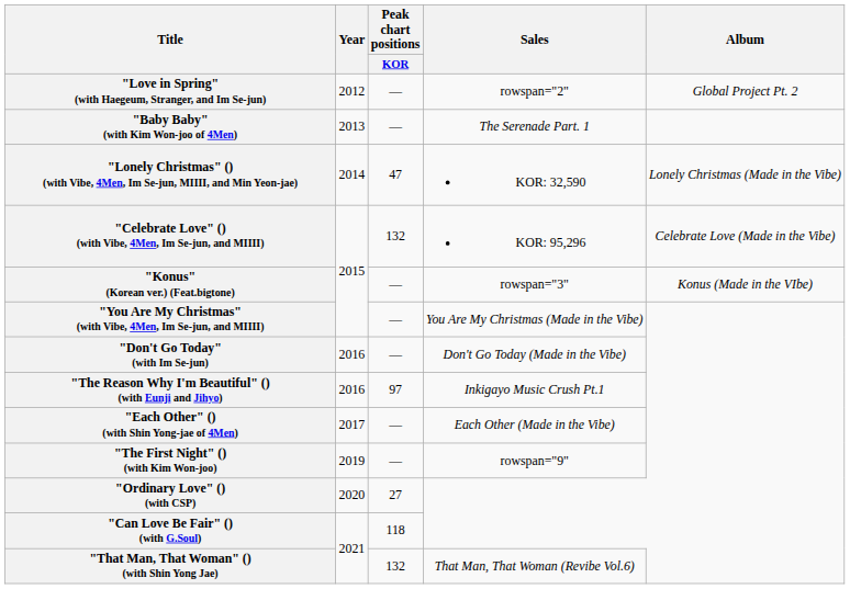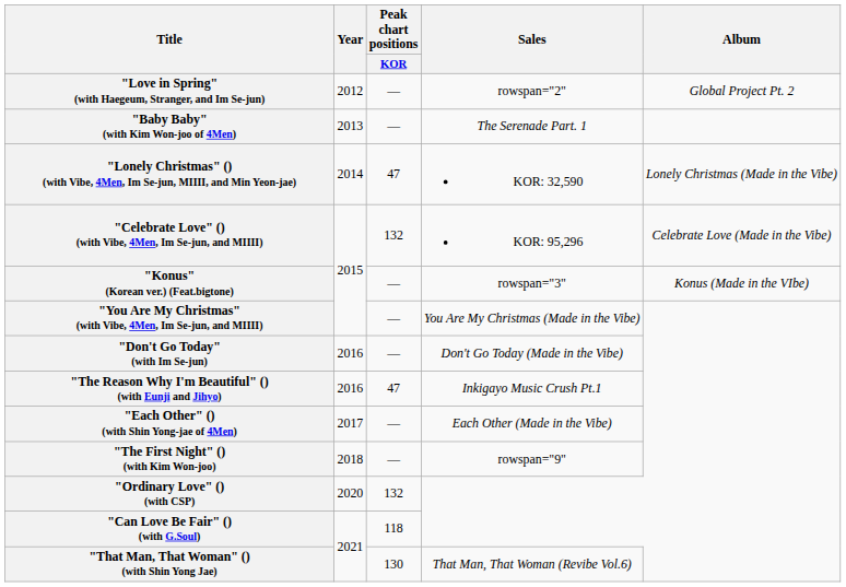 <table class="wikitable plainrowheaders" style="text-align:center">
 <tr>
 <th scope="col" rowspan="2" style="width:25em;">Title</th>
 <th scope="col" rowspan="2">Year</th>
 <th scope="col" colspan="1">Peak chart positions</th>
 <th scope="col" rowspan="2">Sales</th>
 <th scope="col" rowspan="2">Album</th>
 </tr>
 <tr>
 <th style="width:3em;font-size:90%"><a href='#'>KOR</a><br></th>
 </tr>
 <tr>
 <th scope="row">"Love in Spring" <br><small>(with Haegeum, Stranger, and Im Se-jun)</small></th>
 <td rowspan="1">2012</td>
 <td>—</td>
 <td>rowspan="2" </td>
 <td><em>Global Project Pt. 2</em></td>
 </tr>
 <tr>
 <th scope="row">"Baby Baby"<br><small>(with Kim Won-joo of <a href='#'>4Men</a>)</small></th>
 <td>2013</td>
 <td>—</td>
 <td><em>The Serenade Part. 1</em></td>
 </tr>
 <tr>
 <th scope="row">"Lonely Christmas" ()<br><small>(with Vibe, <a href='#'>4Men</a>, Im Se-jun, MIIII, and Min Yeon-jae)</small></th>
 <td>2014</td>
 <td>47</td>
 <td><br><ul><li>KOR: 32,590</li></ul></td>
 <td><em>Lonely Christmas (Made in the Vibe)</em></td>
 </tr>
 <tr>
 <th scope="row">"Celebrate Love" ()<br><small>(with Vibe, <a href='#'>4Men</a>, Im Se-jun, and MIIII)</small></th>
 <td rowspan="3">2015</td>
 <td>132</td>
 <td><br><ul><li>KOR: 95,296</li></ul></td>
 <td><em>Celebrate Love (Made in the Vibe)</em></td>
 </tr>
 <tr>
 <th scope="row">"Konus"<br><small>(Korean ver.) (Feat.bigtone)</small></th>
 <td>—</td>
 <td>rowspan="3" </td>
 <td><em>Konus (Made in the VIbe)</em></td>
 </tr>
 <tr>
 <th scope="row">"You Are My Christmas" <small> <br>(with Vibe, <a href='#'>4Men</a>, Im Se-jun, and MIIII)</small></th>
 <td>—</td>
 <td><em>You Are My Christmas (Made in the Vibe)</em></td>
 </tr>
 <tr>
 <th scope="row">"Don't Go Today"<br><small>(with Im Se-jun)</small></th>
 <td>2016</td>
 <td>—</td>
 <td><em>Don't Go Today (Made in the Vibe)</em></td>
 </tr>
 <tr>
 <th scope="row">"The Reason Why I'm Beautiful" ()<br><small>(with <a href='#'>Eunji</a> and <a href='#'>Jihyo</a>)</small></th>
 <td>2016</td>
-<td>97</td>
+<td>47</td>
 <td><em>Inkigayo Music Crush Pt.1</em></td>
 </tr>
 <tr>
 <th scope="row">"Each Other" ()<br><small>(with Shin Yong-jae of <a href='#'>4Men</a>)</small></th>
 <td>2017</td>
 <td>—</td>
 <td><em>Each Other (Made in the Vibe)</em></td>
 </tr>
 <tr>
 <th scope="row">"The First Night" () <br><small>(with Kim Won-joo)</small></th>
-<td>2019</td>
+<td>2018</td>
 <td>—</td>
 <td>rowspan="9" </td>
 </tr>
 <tr>
 <th scope="row">"Ordinary Love" () <br><small>(with CSP)</small></th>
 <td>2020</td>
-<td>27</td>
+<td>132</td>
 </tr>
 <tr>
 <th scope="row">"Can Love Be Fair" ()<br><small>(with <a href='#'>G.Soul</a>)</small></th>
 <td rowspan="2">2021</td>
 <td>118</td>
 </tr>
 <tr>
 <th scope="row">"That Man, That Woman" ()<br><small>(with Shin Yong Jae)</small></th>
-<td>132</td>
+<td>130</td>
 <td><em>That Man, That Woman (Revibe Vol.6)</em></td>
 </tr>
 </table>
